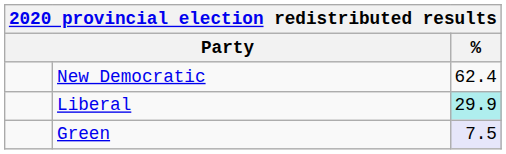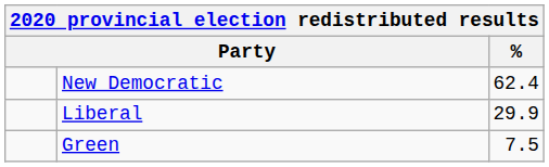 <table class="wikitable">
 <tr>
 <th colspan="4"><a href='#'>2020 provincial election</a> redistributed results</th>
 </tr>
 <tr>
 <th bgcolor="#DDDDFF" width="130px" colspan="2">Party</th>
 <th bgcolor="#DDDDFF" width="30px">%</th>
 </tr>
 <tr>
 <td> </td>
 <td><a href='#'>New Democratic</a></td>
 <td align=right>62.4</td>
 </tr>
 <tr>
 <td> </td>
 <td><a href='#'>Liberal</a></td>
-<td align=right style="background: paleturquoise;">29.9</td>
+<td align=right>29.9</td>
 </tr>
 <tr>
 <td> </td>
 <td><a href='#'>Green</a></td>
-<td align=right style="background: lavender;">7.5</td>
+<td align=right>7.5</td>
 </tr>
 </table>
